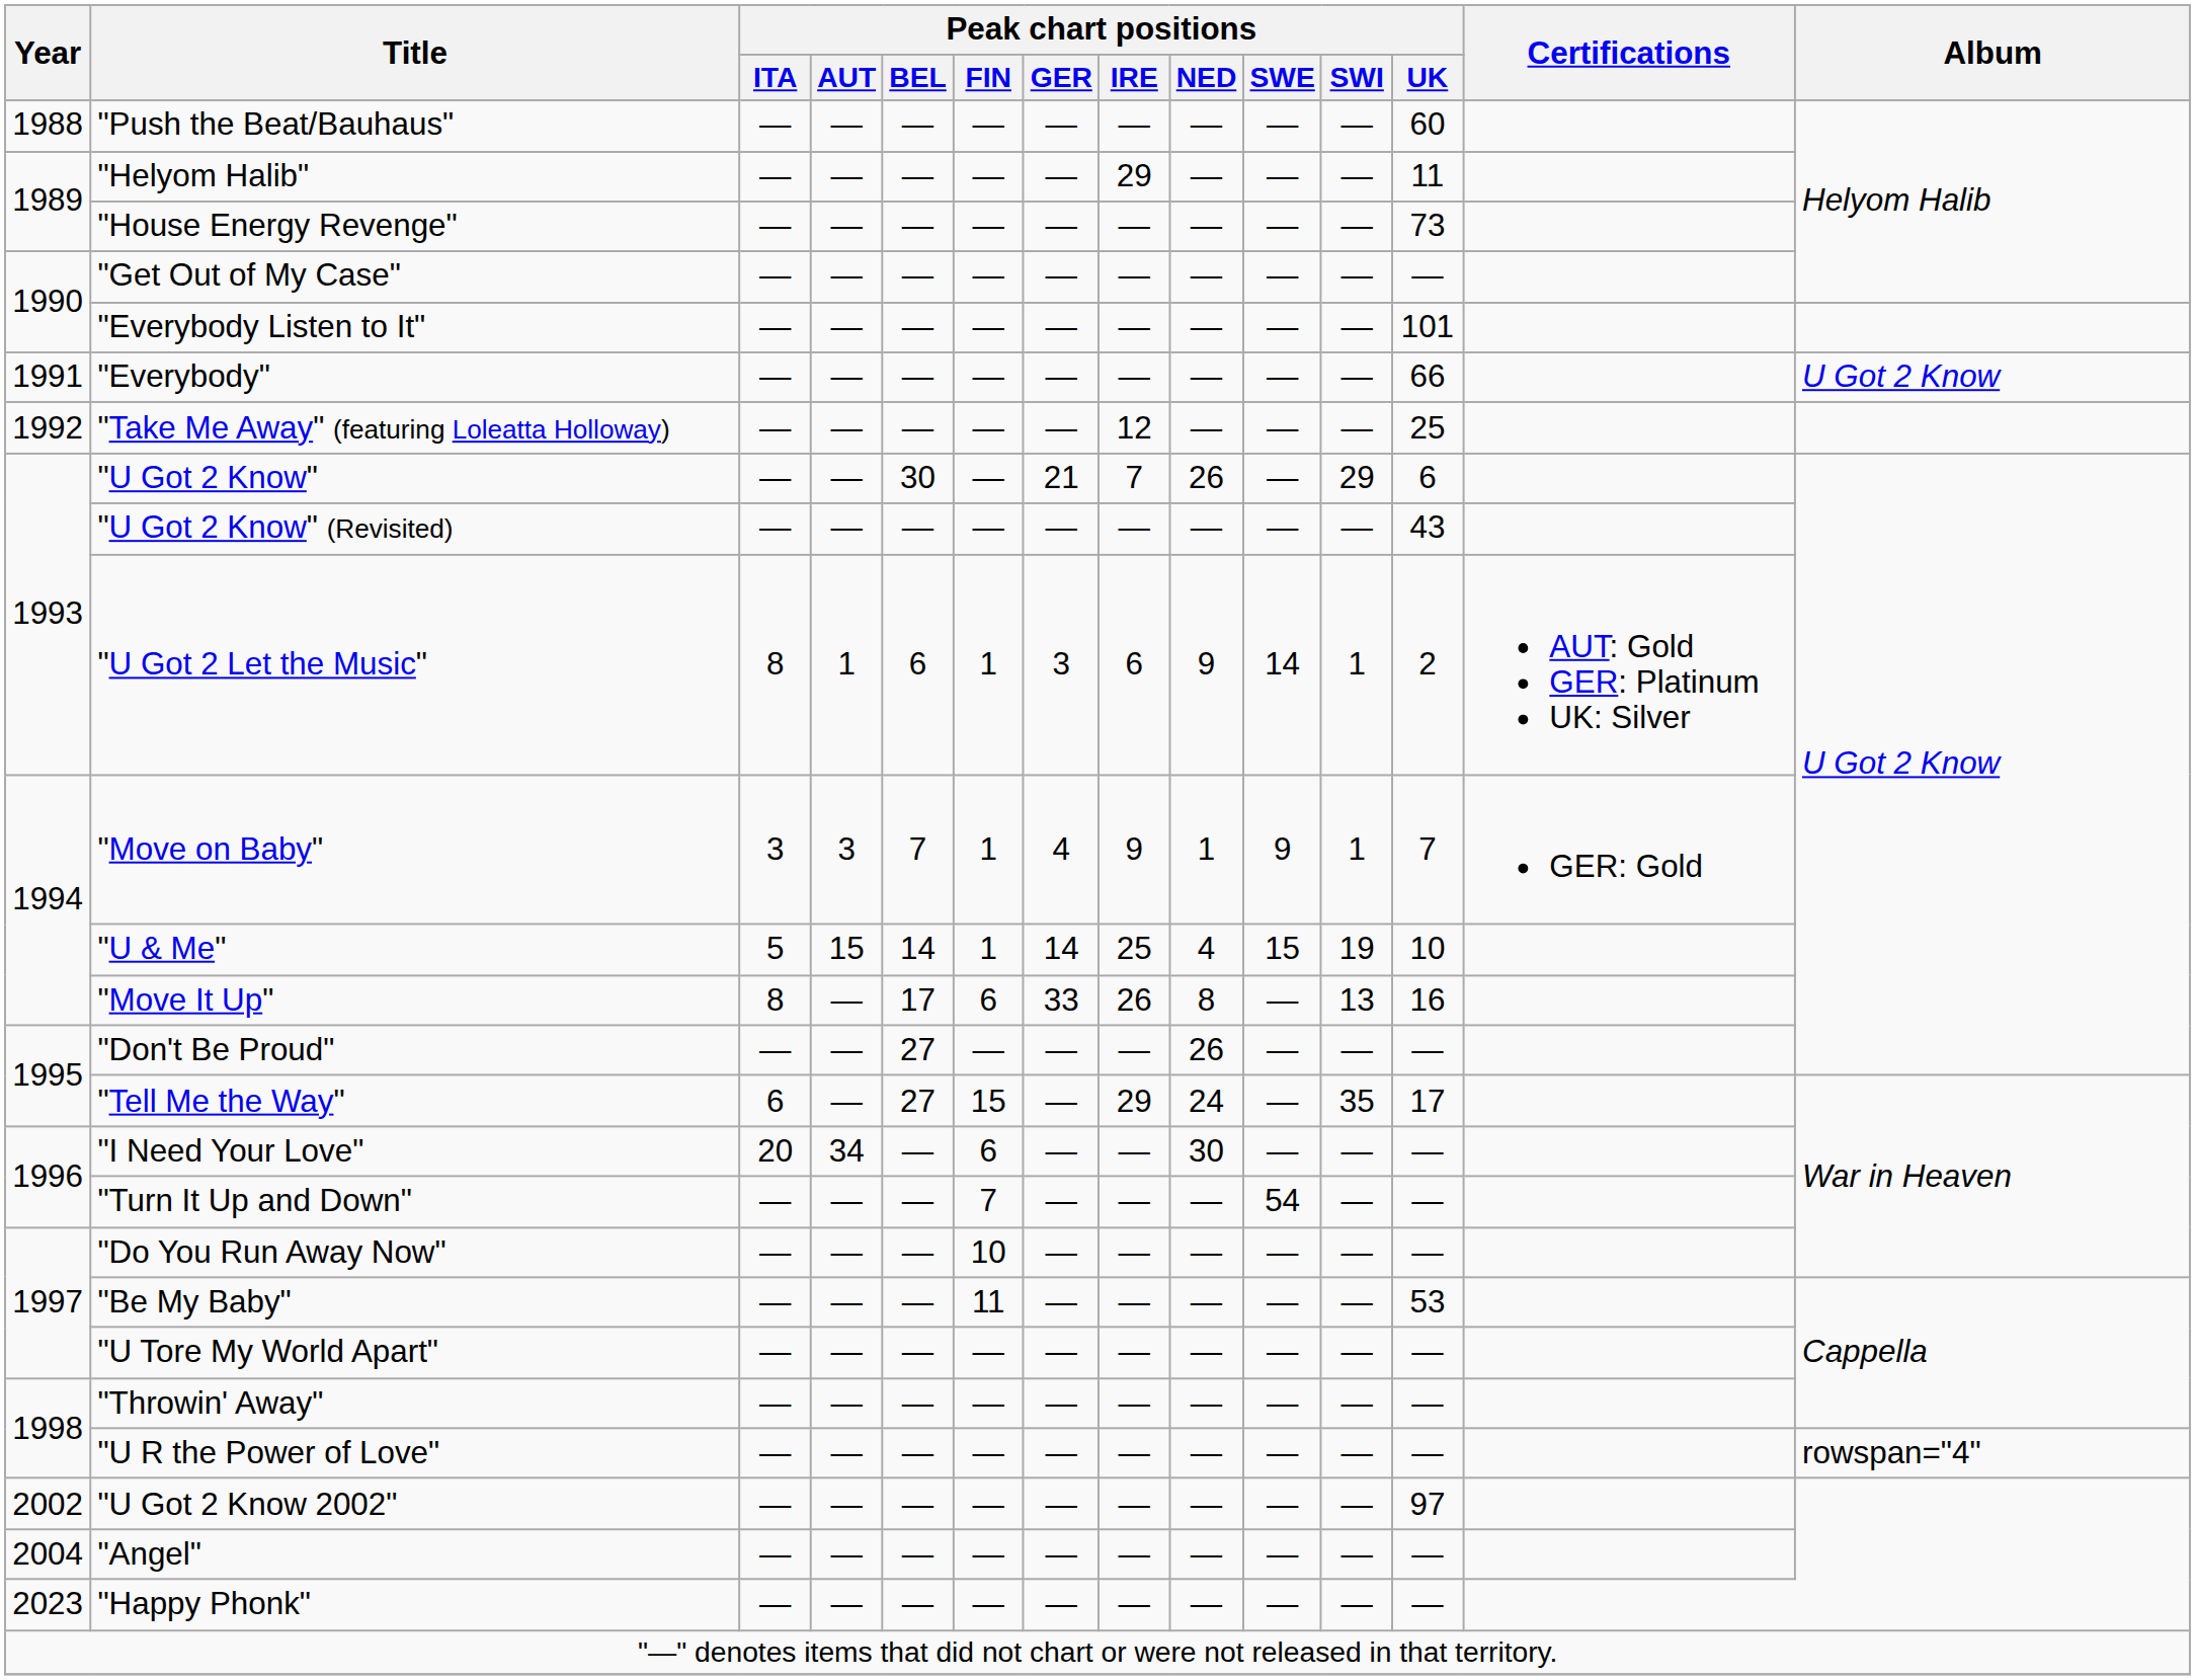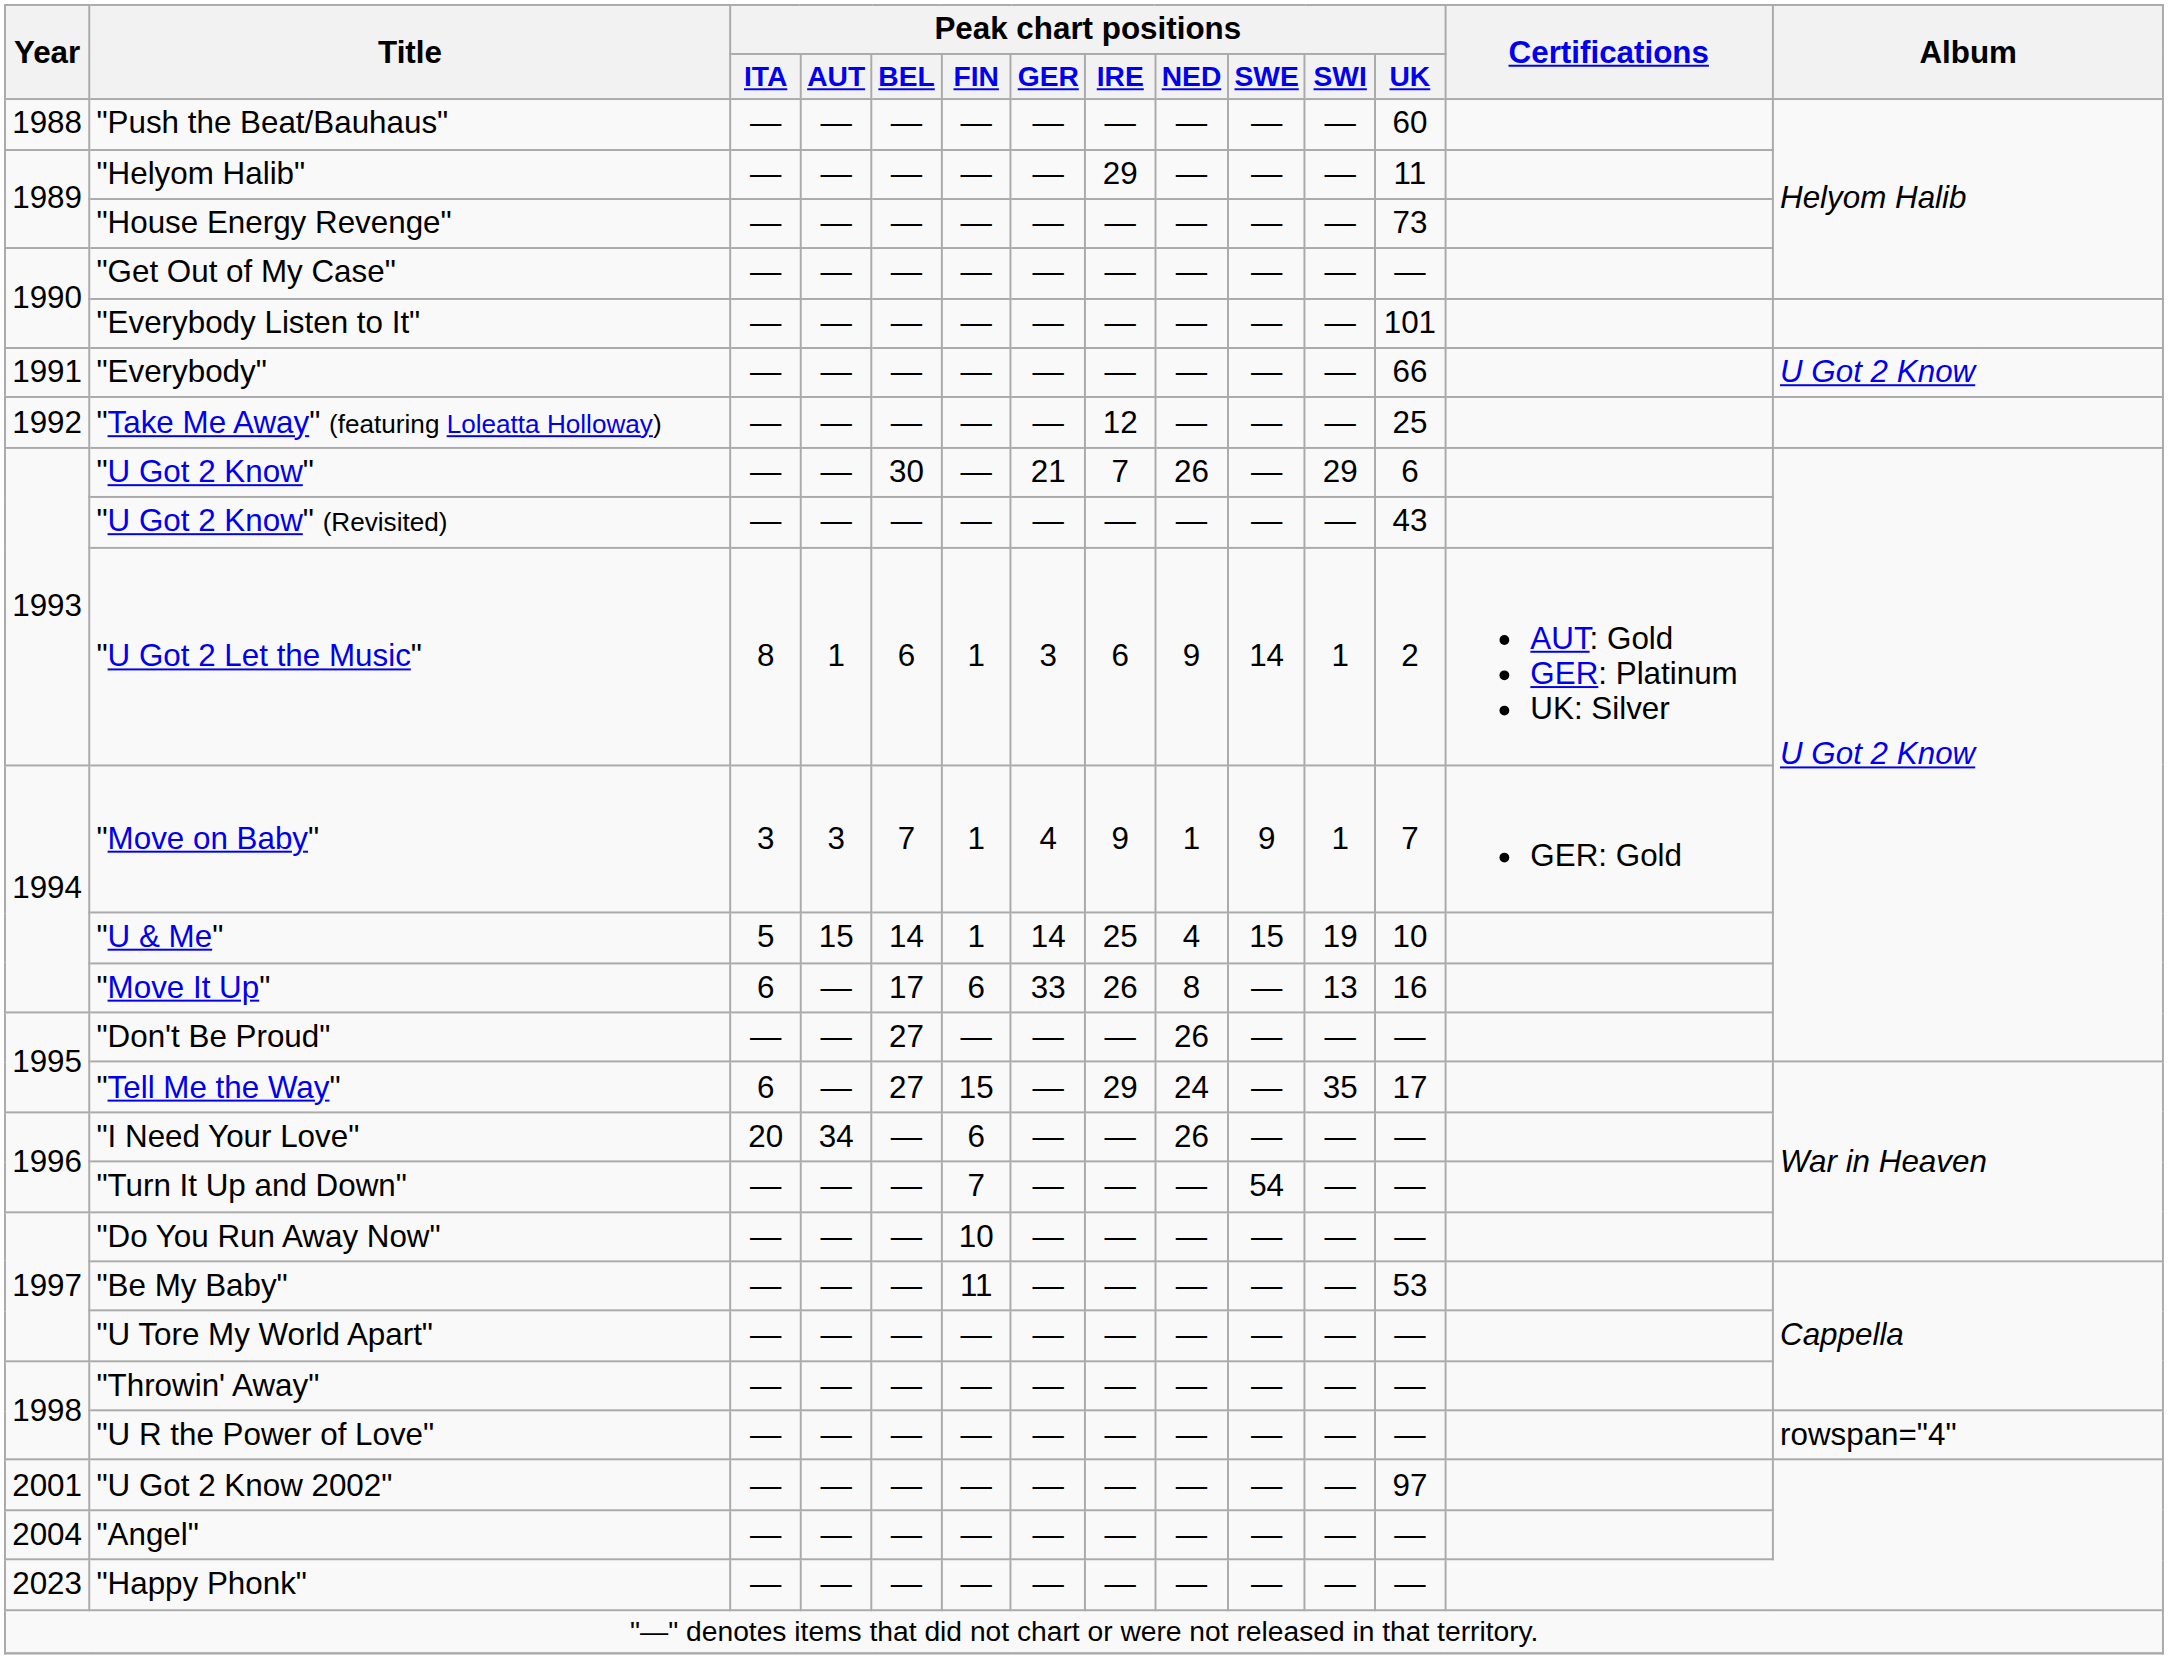 <table class="wikitable">
 <tr>
 <th rowspan="2" style="width:2em;">Year</th>
 <th rowspan="2" style="width:20em;">Title</th>
 <th colspan="10">Peak chart positions</th>
 <th rowspan="2" style="width:10em;"><a href='#'>Certifications</a></th>
 <th rowspan="2" style="width:12em;">Album</th>
 </tr>
 <tr>
 <th style="width:2em;font-size:90%;"><a href='#'>ITA</a><br></th>
 <th style="width:2em;font-size:90%;"><a href='#'>AUT</a><br></th>
 <th style="width:2em;font-size:90%;"><a href='#'>BEL</a><br></th>
 <th style="width:2em;font-size:90%;"><a href='#'>FIN</a><br></th>
 <th style="width:2em;font-size:90%;"><a href='#'>GER</a><br></th>
 <th style="width:2em;font-size:90%;"><a href='#'>IRE</a><br></th>
 <th style="width:2em;font-size:90%;"><a href='#'>NED</a><br></th>
 <th style="width:2em;font-size:90%;"><a href='#'>SWE</a><br></th>
 <th style="width:2em;font-size:90%;"><a href='#'>SWI</a><br></th>
 <th style="width:2em;font-size:90%;"><a href='#'>UK</a><br></th>
 </tr>
 <tr>
 <td>1988</td>
 <td>"Push the Beat/Bauhaus"</td>
 <td align="center">—</td>
 <td align="center">—</td>
 <td align="center">—</td>
 <td align="center">—</td>
 <td align="center">—</td>
 <td align="center">—</td>
 <td align="center">—</td>
 <td align="center">—</td>
 <td align="center">—</td>
 <td align="center">60</td>
 <td></td>
 <td rowspan="4"><em>Helyom Halib</em></td>
 </tr>
 <tr>
 <td rowspan="2">1989</td>
 <td>"Helyom Halib"</td>
 <td align="center">—</td>
 <td align="center">—</td>
 <td align="center">—</td>
 <td align="center">—</td>
 <td align="center">—</td>
 <td align="center">29</td>
 <td align="center">—</td>
 <td align="center">—</td>
 <td align="center">—</td>
 <td align="center">11</td>
 <td></td>
 </tr>
 <tr>
 <td>"House Energy Revenge"</td>
 <td align="center">—</td>
 <td align="center">—</td>
 <td align="center">—</td>
 <td align="center">—</td>
 <td align="center">—</td>
 <td align="center">—</td>
 <td align="center">—</td>
 <td align="center">—</td>
 <td align="center">—</td>
 <td align="center">73</td>
 <td></td>
 </tr>
 <tr>
 <td rowspan="2">1990</td>
 <td>"Get Out of My Case"</td>
 <td align="center">—</td>
 <td align="center">—</td>
 <td align="center">—</td>
 <td align="center">—</td>
 <td align="center">—</td>
 <td align="center">—</td>
 <td align="center">—</td>
 <td align="center">—</td>
 <td align="center">—</td>
 <td align="center">—</td>
 <td></td>
 </tr>
 <tr>
 <td>"Everybody Listen to It"</td>
 <td align="center">—</td>
 <td align="center">—</td>
 <td align="center">—</td>
 <td align="center">—</td>
 <td align="center">—</td>
 <td align="center">—</td>
 <td align="center">—</td>
 <td align="center">—</td>
 <td align="center">—</td>
 <td align="center">101</td>
 <td></td>
 <td></td>
 </tr>
 <tr>
 <td>1991</td>
 <td>"Everybody"</td>
 <td align="center">—</td>
 <td align="center">—</td>
 <td align="center">—</td>
 <td align="center">—</td>
 <td align="center">—</td>
 <td align="center">—</td>
 <td align="center">—</td>
 <td align="center">—</td>
 <td align="center">—</td>
 <td align="center">66</td>
 <td></td>
 <td><em><a href='#'>U Got 2 Know</a></em></td>
 </tr>
 <tr>
 <td>1992</td>
 <td>"<a href='#'>Take Me Away</a>" <small>(featuring <a href='#'>Loleatta Holloway</a>)</small></td>
 <td align="center">—</td>
 <td align="center">—</td>
 <td align="center">—</td>
 <td align="center">—</td>
 <td align="center">—</td>
 <td align="center">12</td>
 <td align="center">—</td>
 <td align="center">—</td>
 <td align="center">—</td>
 <td align="center">25</td>
 <td></td>
 <td></td>
 </tr>
 <tr>
 <td rowspan="3">1993</td>
 <td>"<a href='#'>U Got 2 Know</a>"</td>
 <td align="center">—</td>
 <td align="center">—</td>
 <td align="center">30</td>
 <td align="center">—</td>
 <td align="center">21</td>
 <td align="center">7</td>
 <td align="center">26</td>
 <td align="center">—</td>
 <td align="center">29</td>
 <td align="center">6</td>
 <td></td>
 <td rowspan="7"><em><a href='#'>U Got 2 Know</a></em></td>
 </tr>
 <tr>
 <td>"<a href='#'>U Got 2 Know</a>" <small>(Revisited)</small></td>
 <td align="center">—</td>
 <td align="center">—</td>
 <td align="center">—</td>
 <td align="center">—</td>
 <td align="center">—</td>
 <td align="center">—</td>
 <td align="center">—</td>
 <td align="center">—</td>
 <td align="center">—</td>
 <td align="center">43</td>
 <td></td>
 </tr>
 <tr>
 <td>"<a href='#'>U Got 2 Let the Music</a>"</td>
 <td align="center">8</td>
 <td align="center">1</td>
 <td align="center">6</td>
 <td align="center">1</td>
 <td align="center">3</td>
 <td align="center">6</td>
 <td align="center">9</td>
 <td align="center">14</td>
 <td align="center">1</td>
 <td align="center">2</td>
 <td><br><ul><li><a href='#'>AUT</a>: Gold</li><li><a href='#'>GER</a>: Platinum</li><li>UK: Silver</li></ul></td>
 </tr>
 <tr>
 <td rowspan="3">1994</td>
 <td>"<a href='#'>Move on Baby</a>"</td>
 <td align="center">3</td>
 <td align="center">3</td>
 <td align="center">7</td>
 <td align="center">1</td>
 <td align="center">4</td>
 <td align="center">9</td>
 <td align="center">1</td>
 <td align="center">9</td>
 <td align="center">1</td>
 <td align="center">7</td>
 <td><br><ul><li>GER: Gold</li></ul></td>
 </tr>
 <tr>
 <td>"<a href='#'>U & Me</a>"</td>
 <td align="center">5</td>
 <td align="center">15</td>
 <td align="center">14</td>
 <td align="center">1</td>
 <td align="center">14</td>
 <td align="center">25</td>
 <td align="center">4</td>
 <td align="center">15</td>
 <td align="center">19</td>
 <td align="center">10</td>
 <td></td>
 </tr>
 <tr>
 <td>"<a href='#'>Move It Up</a>"</td>
-<td align="center">8</td>
+<td align="center">6</td>
 <td align="center">—</td>
 <td align="center">17</td>
 <td align="center">6</td>
 <td align="center">33</td>
 <td align="center">26</td>
 <td align="center">8</td>
 <td align="center">—</td>
 <td align="center">13</td>
 <td align="center">16</td>
 <td></td>
 </tr>
 <tr>
 <td rowspan="2">1995</td>
 <td>"Don't Be Proud"</td>
 <td align="center">—</td>
 <td align="center">—</td>
 <td align="center">27</td>
 <td align="center">—</td>
 <td align="center">—</td>
 <td align="center">—</td>
 <td align="center">26</td>
 <td align="center">—</td>
 <td align="center">—</td>
 <td align="center">—</td>
 <td></td>
 </tr>
 <tr>
 <td>"<a href='#'>Tell Me the Way</a>"</td>
 <td align="center">6</td>
 <td align="center">—</td>
 <td align="center">27</td>
 <td align="center">15</td>
 <td align="center">—</td>
 <td align="center">29</td>
 <td align="center">24</td>
 <td align="center">—</td>
 <td align="center">35</td>
 <td align="center">17</td>
 <td></td>
 <td rowspan="4"><em>War in Heaven</em></td>
 </tr>
 <tr>
 <td rowspan="2">1996</td>
 <td>"I Need Your Love"</td>
 <td align="center">20</td>
 <td align="center">34</td>
 <td align="center">—</td>
 <td align="center">6</td>
 <td align="center">—</td>
 <td align="center">—</td>
-<td align="center">30</td>
+<td align="center">26</td>
 <td align="center">—</td>
 <td align="center">—</td>
 <td align="center">—</td>
 <td></td>
 </tr>
 <tr>
 <td>"Turn It Up and Down"</td>
 <td align="center">—</td>
 <td align="center">—</td>
 <td align="center">—</td>
 <td align="center">7</td>
 <td align="center">—</td>
 <td align="center">—</td>
 <td align="center">—</td>
 <td align="center">54</td>
 <td align="center">—</td>
 <td align="center">—</td>
 <td></td>
 </tr>
 <tr>
 <td rowspan="3">1997</td>
 <td>"Do You Run Away Now"</td>
 <td align="center">—</td>
 <td align="center">—</td>
 <td align="center">—</td>
 <td align="center">10</td>
 <td align="center">—</td>
 <td align="center">—</td>
 <td align="center">—</td>
 <td align="center">—</td>
 <td align="center">—</td>
 <td align="center">—</td>
 <td></td>
 </tr>
 <tr>
 <td>"Be My Baby"</td>
 <td align="center">—</td>
 <td align="center">—</td>
 <td align="center">—</td>
 <td align="center">11</td>
 <td align="center">—</td>
 <td align="center">—</td>
 <td align="center">—</td>
 <td align="center">—</td>
 <td align="center">—</td>
 <td align="center">53</td>
 <td></td>
 <td rowspan="3"><em>Cappella</em></td>
 </tr>
 <tr>
 <td>"U Tore My World Apart"</td>
 <td align="center">—</td>
 <td align="center">—</td>
 <td align="center">—</td>
 <td align="center">—</td>
 <td align="center">—</td>
 <td align="center">—</td>
 <td align="center">—</td>
 <td align="center">—</td>
 <td align="center">—</td>
 <td align="center">—</td>
 <td></td>
 </tr>
 <tr>
 <td rowspan="2">1998</td>
 <td>"Throwin' Away"</td>
 <td align="center">—</td>
 <td align="center">—</td>
 <td align="center">—</td>
 <td align="center">—</td>
 <td align="center">—</td>
 <td align="center">—</td>
 <td align="center">—</td>
 <td align="center">—</td>
 <td align="center">—</td>
 <td align="center">—</td>
 <td></td>
 </tr>
 <tr>
 <td>"U R the Power of Love"</td>
 <td align="center">—</td>
 <td align="center">—</td>
 <td align="center">—</td>
 <td align="center">—</td>
 <td align="center">—</td>
 <td align="center">—</td>
 <td align="center">—</td>
 <td align="center">—</td>
 <td align="center">—</td>
 <td align="center">—</td>
 <td></td>
 <td>rowspan="4" </td>
 </tr>
 <tr>
-<td>2002</td>
+<td>2001</td>
 <td>"U Got 2 Know 2002"</td>
 <td align="center">—</td>
 <td align="center">—</td>
 <td align="center">—</td>
 <td align="center">—</td>
 <td align="center">—</td>
 <td align="center">—</td>
 <td align="center">—</td>
 <td align="center">—</td>
 <td align="center">—</td>
 <td align="center">97</td>
 <td></td>
 </tr>
 <tr>
 <td>2004</td>
 <td>"Angel"</td>
 <td align="center">—</td>
 <td align="center">—</td>
 <td align="center">—</td>
 <td align="center">—</td>
 <td align="center">—</td>
 <td align="center">—</td>
 <td align="center">—</td>
 <td align="center">—</td>
 <td align="center">—</td>
 <td align="center">—</td>
 <td></td>
 </tr>
 <tr>
 <td>2023</td>
 <td>"Happy Phonk"</td>
 <td align="center">—</td>
 <td align="center">—</td>
 <td align="center">—</td>
 <td align="center">—</td>
 <td align="center">—</td>
 <td align="center">—</td>
 <td align="center">—</td>
 <td align="center">—</td>
 <td align="center">—</td>
 <td align="center">—</td>
 </tr>
 <tr>
 <td align="center" colspan="15" style="font-size:90%">"—" denotes items that did not chart or were not released in that territory.</td>
 </tr>
 <tr>
 </tr>
 </table>
